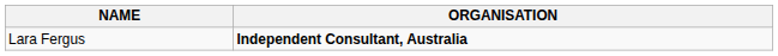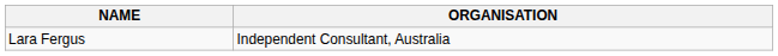 <table class="wikitable">
 <tr>
 <th>NAME</th>
 <th>ORGANISATION</th>
 </tr>
 <tr>
 <td style="width:250px;">Lara Fergus</td>
-<td style="width:600px;"><strong>Independent Consultant, Australia</strong></td>
+<td style="width:600px;">Independent Consultant, Australia</td>
 </tr>
 </table>
